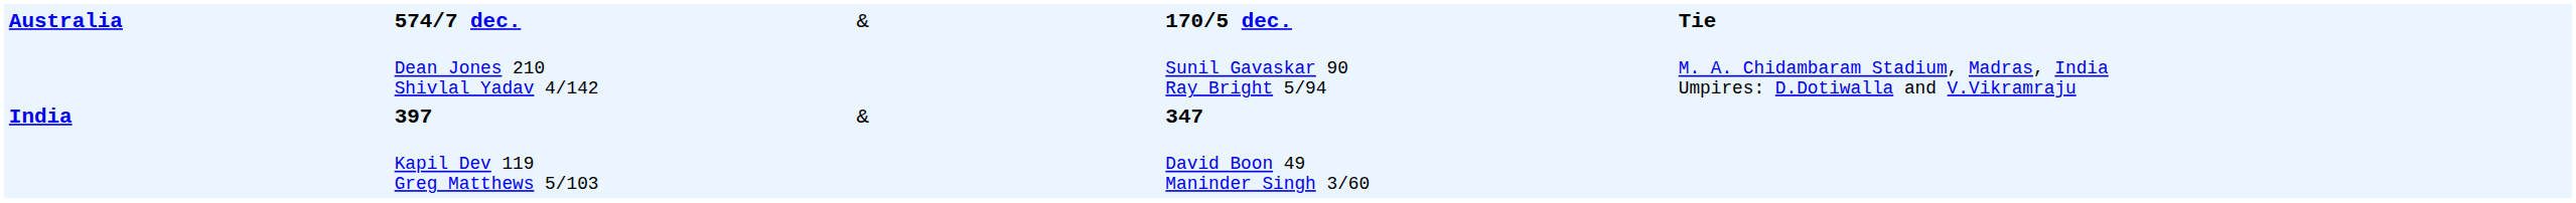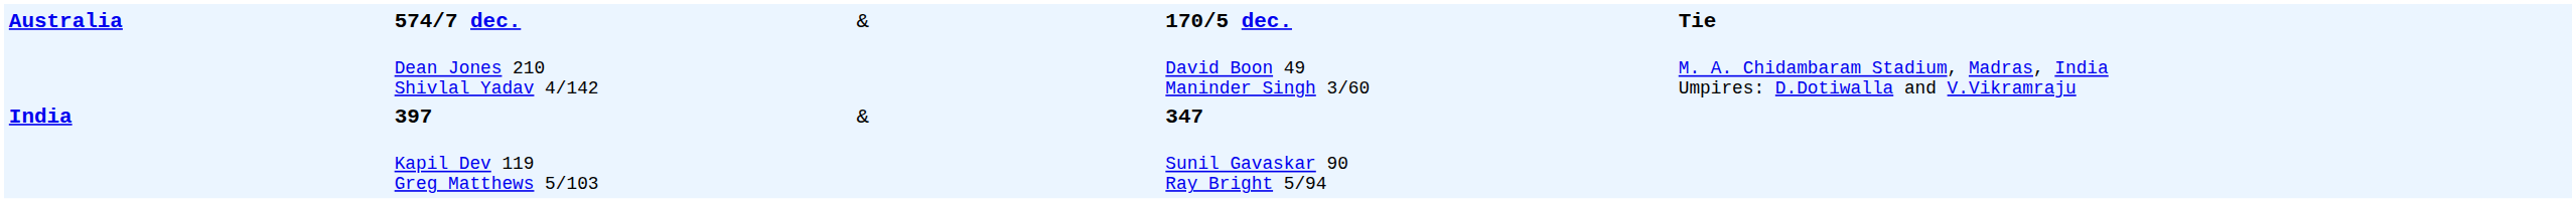 <table width="100%" style="background: #EBF5FF">
 <tr>
 <td width="15%" valign="top" rowspan="2"><strong><a href='#'>Australia</a></strong></td>
 <td width="18%"><strong>574/7 <a href='#'>dec.</a></strong></td>
 <td width="12%">&</td>
 <td width="20%"><strong>170/5 <a href='#'>dec.</a></strong></td>
 <td width="35%"><strong>Tie</strong></td>
 </tr>
 <tr>
 <td style="font-size: 85%;" valign="top"><br><a href='#'>Dean Jones</a> 210<br> <a href='#'>Shivlal Yadav</a> 4/142</td>
 <td></td>
-<td valign="top" style="font-size: 85%;"><br><a href='#'>Sunil Gavaskar</a> 90<br> <a href='#'>Ray Bright</a> 5/94</td>
+<td style="font-size: 85%;"><br><a href='#'>David Boon</a> 49<br> <a href='#'>Maninder Singh</a> 3/60</td>
 <td valign="top" style="font-size: 85%;" rowspan="3"><br><a href='#'>M. A. Chidambaram Stadium</a>, <a href='#'>Madras</a>, <a href='#'>India</a><br> Umpires: <a href='#'>D.Dotiwalla</a> and <a href='#'>V.Vikramraju</a></td>
 </tr>
 <tr>
 <td valign="top" rowspan="2"><strong><a href='#'>India</a></strong></td>
 <td><strong>397</strong></td>
 <td>&</td>
 <td><strong>347</strong></td>
 </tr>
 <tr>
 <td style="font-size: 85%;"><br><a href='#'>Kapil Dev</a> 119<br> <a href='#'>Greg Matthews</a> 5/103</td>
 <td></td>
-<td style="font-size: 85%;"><br><a href='#'>David Boon</a> 49<br> <a href='#'>Maninder Singh</a> 3/60</td>
+<td valign="top" style="font-size: 85%;"><br><a href='#'>Sunil Gavaskar</a> 90<br> <a href='#'>Ray Bright</a> 5/94</td>
 </tr>
 </table>
